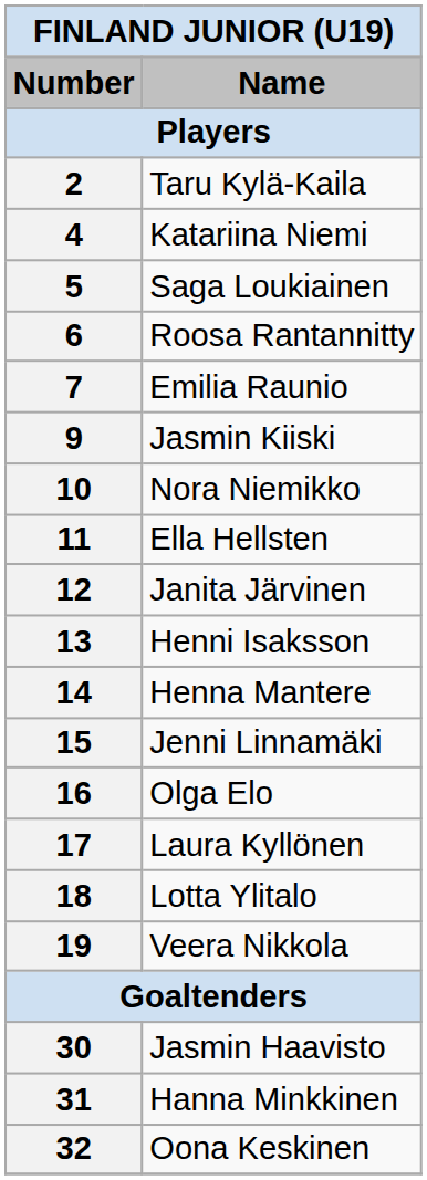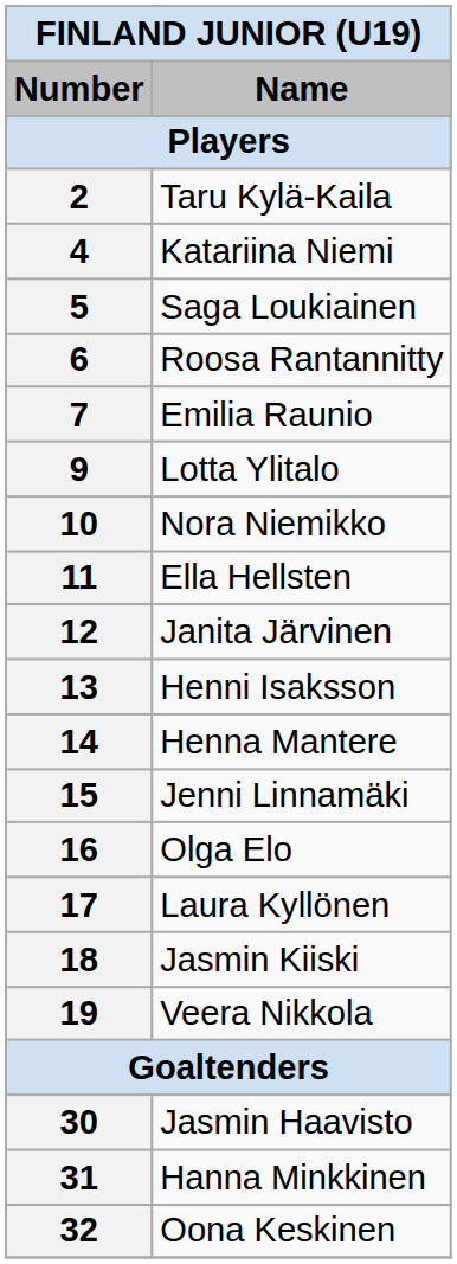 <table class="wikitable" style="text-align:left; font-size:90%;">
 <tr>
 <th style=background:#CEE0F2 colspan=2>FINLAND JUNIOR (U19)</th>
 </tr>
 <tr>
 <th style="background:silver;">Number</th>
 <th style="background:silver;">Name</th>
 </tr>
 <tr>
 <th style=background:#CEE0F2 colspan=2>Players</th>
 </tr>
 <tr>
 <th>2</th>
 <td>Taru Kylä-Kaila</td>
 </tr>
 <tr>
 <th>4</th>
 <td>Katariina Niemi</td>
 </tr>
 <tr>
 <th>5</th>
 <td>Saga Loukiainen</td>
 </tr>
 <tr>
 <th>6</th>
 <td>Roosa Rantannitty</td>
 </tr>
 <tr>
 <th>7</th>
 <td>Emilia Raunio</td>
 </tr>
 <tr>
 <th>9</th>
-<td>Jasmin Kiiski</td>
+<td>Lotta Ylitalo</td>
 </tr>
 <tr>
 <th>10</th>
 <td>Nora Niemikko</td>
 </tr>
 <tr>
 <th>11</th>
 <td>Ella Hellsten</td>
 </tr>
 <tr>
 <th>12</th>
 <td>Janita Järvinen</td>
 </tr>
 <tr>
 <th>13</th>
 <td>Henni Isaksson</td>
 </tr>
 <tr>
 <th>14</th>
 <td>Henna Mantere</td>
 </tr>
 <tr>
 <th>15</th>
 <td>Jenni Linnamäki</td>
 </tr>
 <tr>
 <th>16</th>
 <td>Olga Elo</td>
 </tr>
 <tr>
 <th>17</th>
 <td>Laura Kyllönen</td>
 </tr>
 <tr>
 <th>18</th>
-<td>Lotta Ylitalo</td>
+<td>Jasmin Kiiski</td>
 </tr>
 <tr>
 <th>19</th>
 <td>Veera Nikkola</td>
 </tr>
 <tr>
 <th style=background:#CEE0F2 colspan=2>Goaltenders</th>
 </tr>
 <tr>
 <th>30</th>
 <td>Jasmin Haavisto</td>
 </tr>
 <tr>
 <th>31</th>
 <td>Hanna Minkkinen</td>
 </tr>
 <tr>
 <th>32</th>
 <td>Oona Keskinen</td>
 </tr>
 <tr>
 </tr>
 </table>
